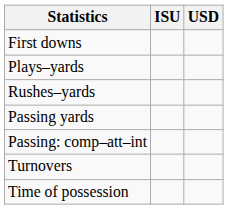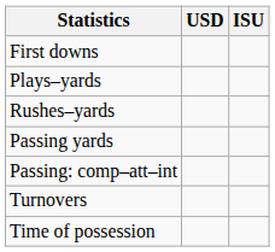 <table class="wikitable" style="float:left">
 <tr>
 <th>Statistics</th>
+<th>USD</th>
 <th>ISU</th>
-<th>USD</th>
 </tr>
 <tr>
 <td>First downs</td>
 <td></td>
 <td></td>
 </tr>
 <tr>
 <td>Plays–yards</td>
 <td></td>
 <td></td>
 </tr>
 <tr>
 <td>Rushes–yards</td>
 <td></td>
 <td></td>
 </tr>
 <tr>
 <td>Passing yards</td>
 <td></td>
 <td></td>
 </tr>
 <tr>
 <td>Passing: comp–att–int</td>
 <td></td>
 <td></td>
 </tr>
 <tr>
 <td>Turnovers</td>
 <td></td>
 <td></td>
 </tr>
 <tr>
 <td>Time of possession</td>
 <td></td>
 <td></td>
 </tr>
 </table>
